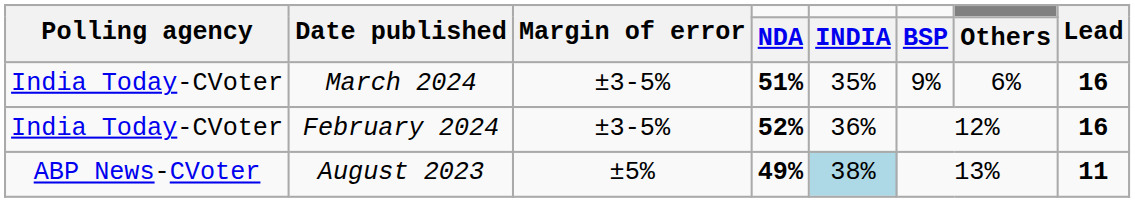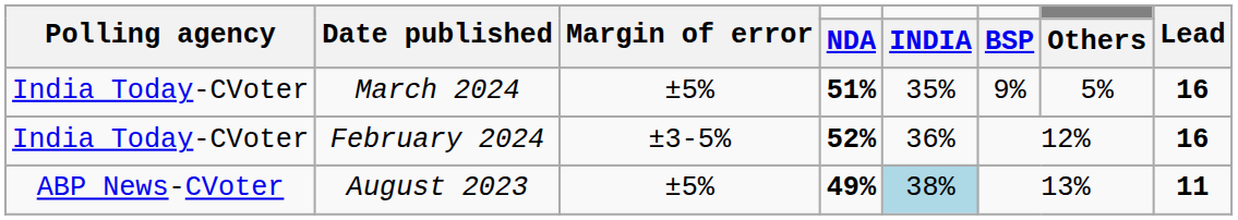 <table class="wikitable sortable" style="text-align:center;font-size:95%;line-height:16px">
 <tr>
 <th rowspan="2">Polling agency</th>
 <th rowspan="2">Date published</th>
 <th rowspan="2">Margin of error</th>
 <td></td>
 <td></td>
 <td></td>
 <td bgcolor="grey"></td>
 <th rowspan="2">Lead</th>
 </tr>
 <tr>
 <th><a href='#'>NDA</a></th>
 <th><a href='#'>INDIA</a></th>
 <th><a href='#'>BSP</a></th>
 <th>Others</th>
 </tr>
 <tr>
 <td><a href='#'>India Today</a>-CVoter</td>
 <td><em>March 2024</em></td>
-<td>±3-5%</td>
+<td>±5%</td>
 <td bgcolor=><strong>51%</strong></td>
 <td>35%</td>
 <td>9%</td>
-<td>6%</td>
+<td>5%</td>
 <td bgcolor=><strong>16</strong></td>
 </tr>
 <tr>
 <td><a href='#'>India Today</a>-CVoter</td>
 <td><em>February 2024</em></td>
 <td>±3-5%</td>
 <td><strong>52%</strong></td>
 <td>36%</td>
 <td colspan="2">12%</td>
 <td><strong>16</strong></td>
 </tr>
 <tr>
 <td><a href='#'>ABP News</a>-<a href='#'>CVoter</a></td>
 <td><em>August 2023</em></td>
 <td>±5%</td>
 <td><strong>49%</strong></td>
 <td style="background: lightblue;">38%</td>
 <td colspan="2">13%</td>
 <td><strong>11</strong></td>
 </tr>
 </table>
